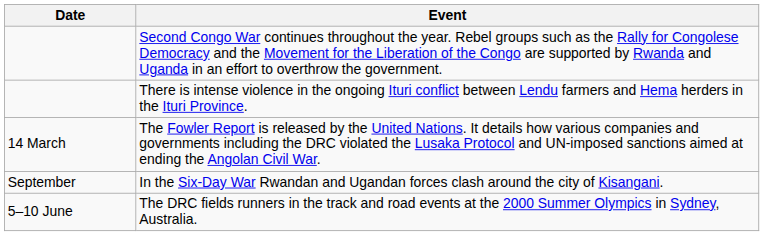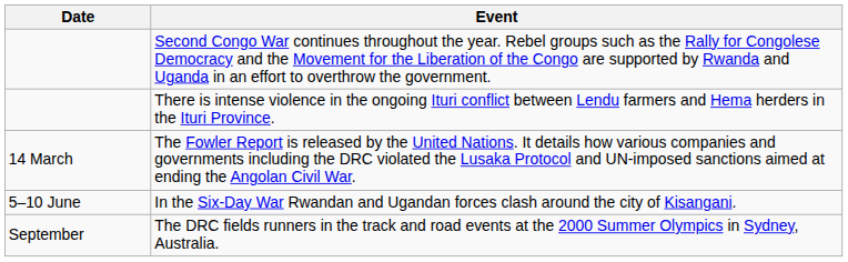 <table class=wikitable>
 <tr>
 <th style="width:9em">Date</th>
 <th>Event</th>
 </tr>
 <tr>
 <td></td>
 <td><a href='#'>Second Congo War</a> continues throughout the year. Rebel groups such as the <a href='#'>Rally for Congolese Democracy</a> and the <a href='#'>Movement for the Liberation of the Congo</a> are supported by <a href='#'>Rwanda</a> and <a href='#'>Uganda</a> in an effort to overthrow the government.</td>
 </tr>
 <tr>
 <td></td>
 <td>There is intense violence in the ongoing <a href='#'>Ituri conflict</a> between <a href='#'>Lendu</a> farmers and <a href='#'>Hema</a> herders in the <a href='#'>Ituri Province</a>.</td>
 </tr>
 <tr>
 <td>14 March</td>
 <td>The <a href='#'>Fowler Report</a> is released by the <a href='#'>United Nations</a>. It details how various companies and governments including the DRC violated the <a href='#'>Lusaka Protocol</a> and UN-imposed sanctions aimed at ending the <a href='#'>Angolan Civil War</a>.</td>
 </tr>
 <tr>
-<td>September</td>
+<td>5–10 June</td>
 <td>In the <a href='#'>Six-Day War</a> Rwandan and Ugandan forces clash around the city of <a href='#'>Kisangani</a>.</td>
 </tr>
 <tr>
-<td>5–10 June</td>
+<td>September</td>
 <td>The DRC fields runners in the track and road events at the <a href='#'>2000 Summer Olympics</a> in <a href='#'>Sydney</a>, Australia.</td>
 </tr>
 </table>
